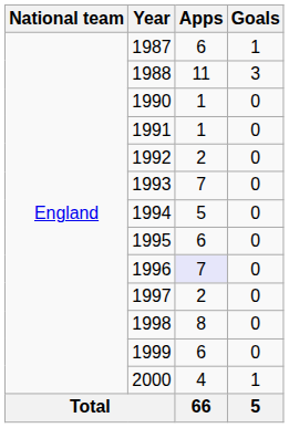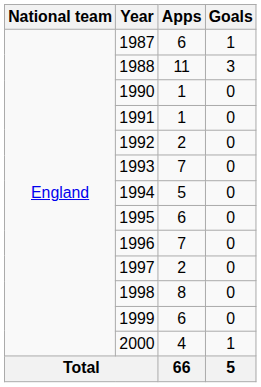 <table class="wikitable" style="text-align:center;">
 <tr>
 <th scope="col">National team</th>
 <th scope="col">Year</th>
 <th scope="col">Apps</th>
 <th scope="col">Goals</th>
 </tr>
 <tr>
 <td rowspan="13"><a href='#'>England</a></td>
 <td>1987</td>
 <td>6</td>
 <td>1</td>
 </tr>
 <tr>
 <td scope="row">1988</td>
 <td>11</td>
 <td>3</td>
 </tr>
 <tr>
 <td scope="row">1990</td>
 <td>1</td>
 <td>0</td>
 </tr>
 <tr>
 <td scope="row">1991</td>
 <td>1</td>
 <td>0</td>
 </tr>
 <tr>
 <td scope="row">1992</td>
 <td>2</td>
 <td>0</td>
 </tr>
 <tr>
 <td scope="row">1993</td>
 <td>7</td>
 <td>0</td>
 </tr>
 <tr>
 <td scope="row">1994</td>
 <td>5</td>
 <td>0</td>
 </tr>
 <tr>
 <td scope="row">1995</td>
 <td>6</td>
 <td>0</td>
 </tr>
 <tr>
 <td scope="row">1996</td>
-<td style="background: lavender;">7</td>
+<td>7</td>
 <td>0</td>
 </tr>
 <tr>
 <td scope="row">1997</td>
 <td>2</td>
 <td>0</td>
 </tr>
 <tr>
 <td scope="row">1998</td>
 <td>8</td>
 <td>0</td>
 </tr>
 <tr>
 <td scope="row">1999</td>
 <td>6</td>
 <td>0</td>
 </tr>
 <tr>
 <td scope="row">2000</td>
 <td>4</td>
 <td>1</td>
 </tr>
 <tr>
 <th colspan="2" scope="row">Total</th>
 <th>66</th>
 <th>5</th>
 </tr>
 </table>
